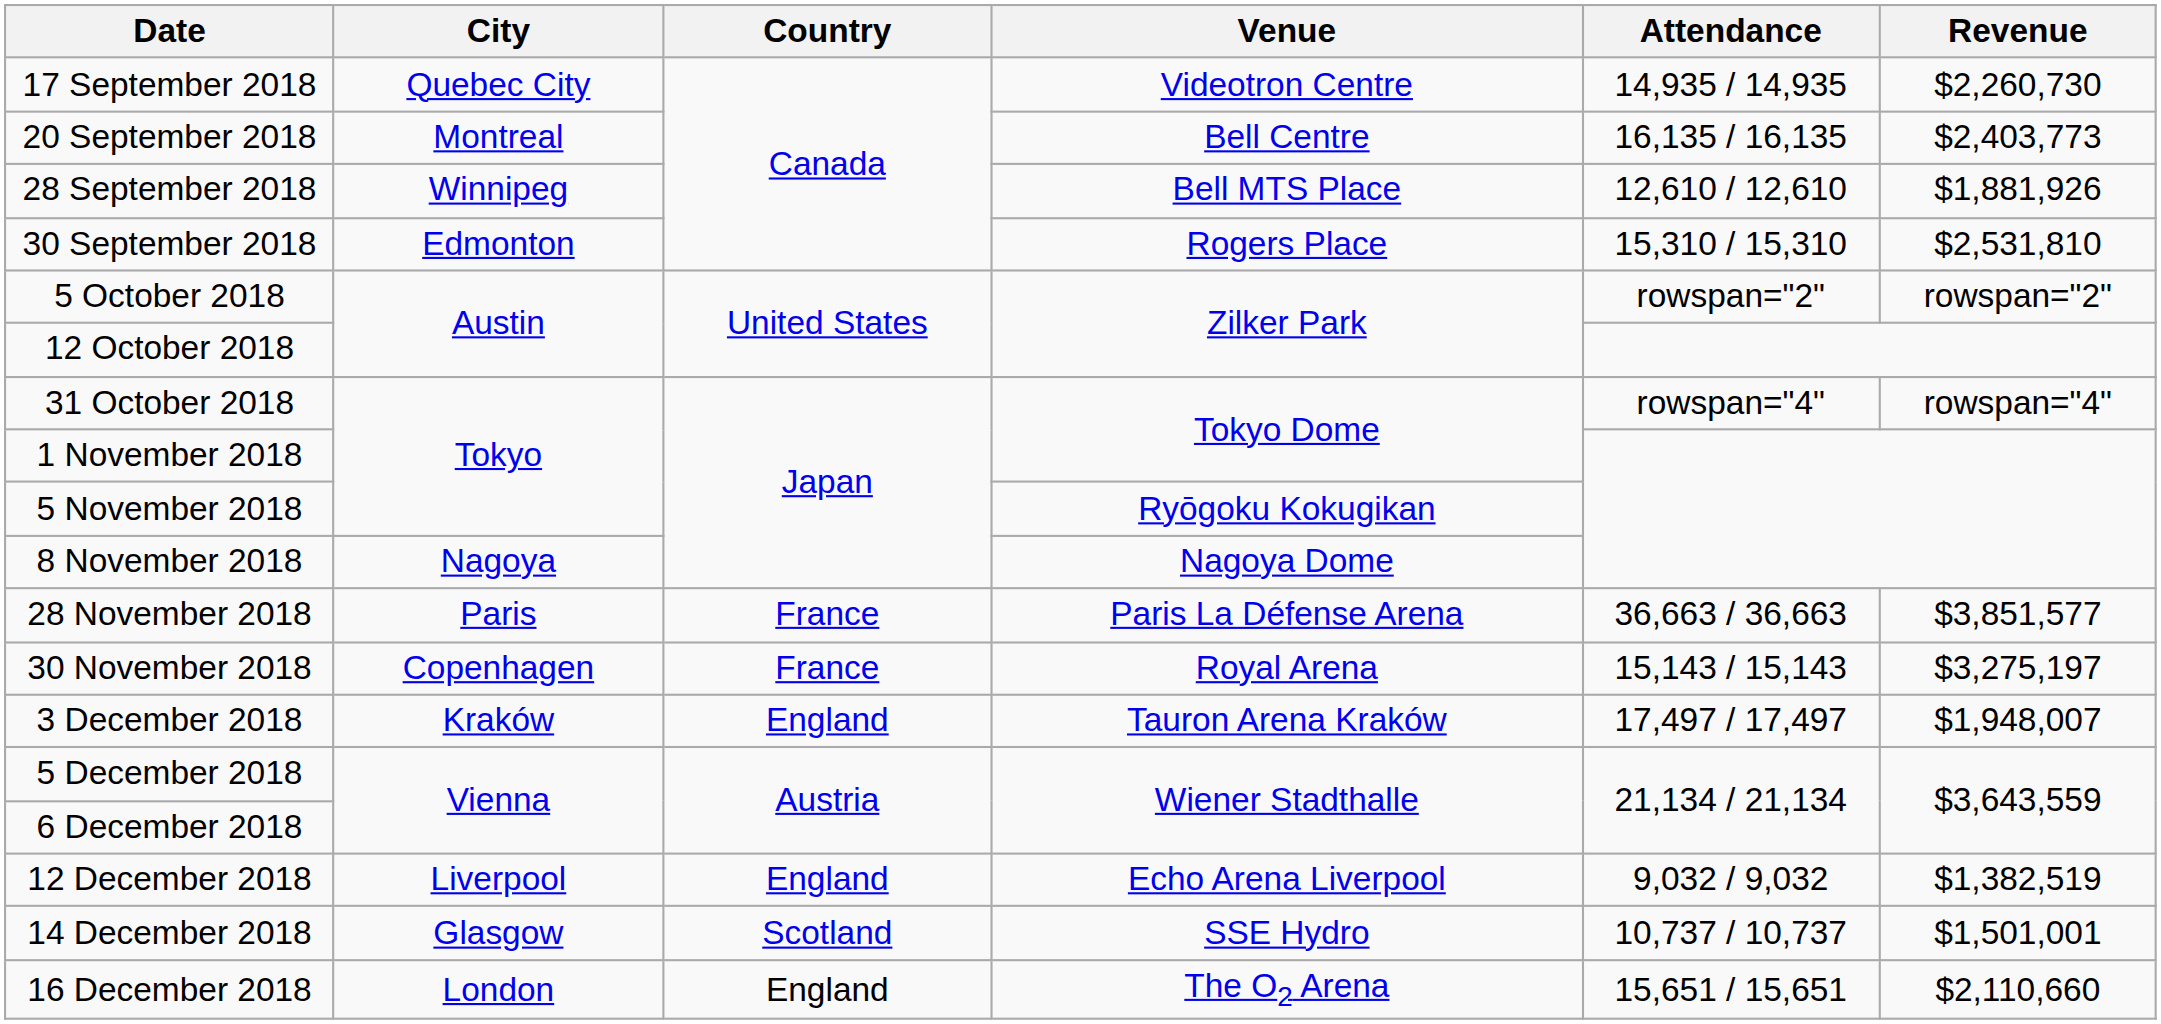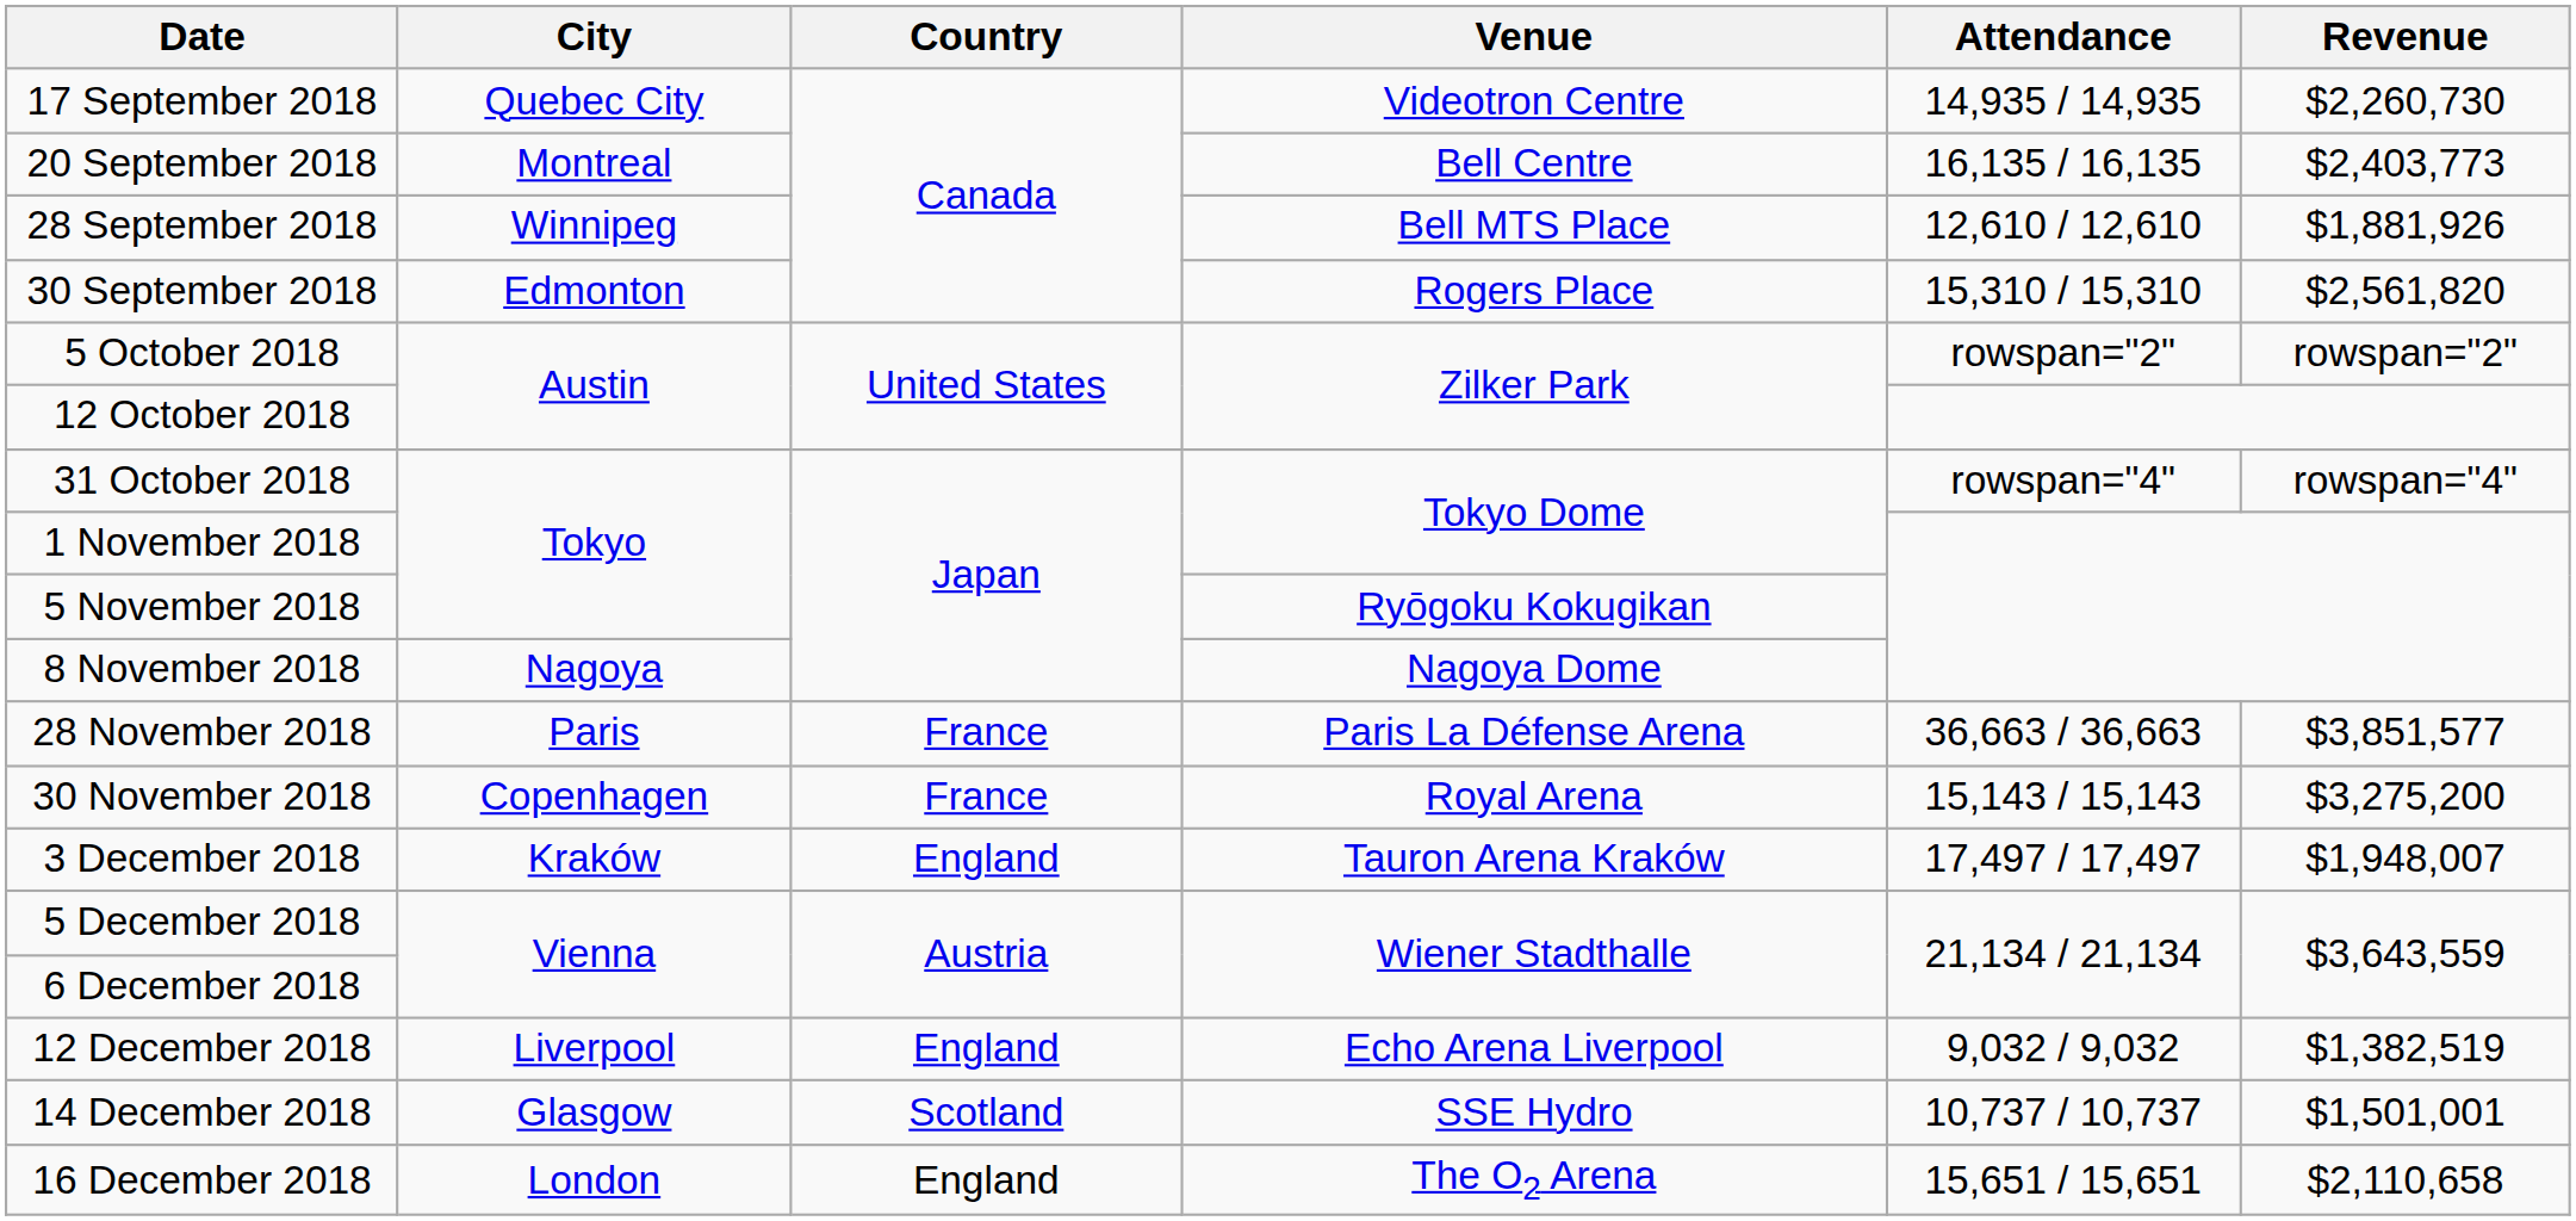 <table class="wikitable" style="text-align:center;">
 <tr>
 <th width="150">Date</th>
 <th width="150">City</th>
 <th width="150">Country</th>
 <th width="275">Venue</th>
 <th width="135">Attendance</th>
 <th width="125">Revenue</th>
 </tr>
 <tr>
 <td>17 September 2018</td>
 <td><a href='#'>Quebec City</a></td>
 <td rowspan="4"><a href='#'>Canada</a></td>
 <td><a href='#'>Videotron Centre</a></td>
 <td>14,935 / 14,935</td>
 <td>$2,260,730</td>
 </tr>
 <tr>
 <td>20 September 2018</td>
 <td><a href='#'>Montreal</a></td>
 <td><a href='#'>Bell Centre</a></td>
 <td>16,135 / 16,135</td>
 <td>$2,403,773</td>
 </tr>
 <tr>
 <td>28 September 2018</td>
 <td><a href='#'>Winnipeg</a></td>
 <td><a href='#'>Bell MTS Place</a></td>
 <td>12,610 / 12,610</td>
 <td>$1,881,926</td>
 </tr>
 <tr>
 <td>30 September 2018</td>
 <td><a href='#'>Edmonton</a></td>
 <td><a href='#'>Rogers Place</a></td>
 <td>15,310 / 15,310</td>
-<td>$2,531,810</td>
+<td>$2,561,820</td>
 </tr>
 <tr>
 <td>5 October 2018</td>
 <td rowspan="2"><a href='#'>Austin</a></td>
 <td rowspan="2"><a href='#'>United States</a></td>
 <td rowspan="2"><a href='#'>Zilker Park</a></td>
 <td>rowspan="2" </td>
 <td>rowspan="2" </td>
 </tr>
 <tr>
 <td>12 October 2018</td>
 </tr>
 <tr>
 <td>31 October 2018</td>
 <td rowspan="3"><a href='#'>Tokyo</a></td>
 <td rowspan="4"><a href='#'>Japan</a></td>
 <td rowspan="2"><a href='#'>Tokyo Dome</a></td>
 <td>rowspan="4" </td>
 <td>rowspan="4" </td>
 </tr>
 <tr>
 <td>1 November 2018</td>
 </tr>
 <tr>
 <td>5 November 2018</td>
 <td><a href='#'>Ryōgoku Kokugikan</a></td>
 </tr>
 <tr>
 <td>8 November 2018</td>
 <td><a href='#'>Nagoya</a></td>
 <td><a href='#'>Nagoya Dome</a></td>
 </tr>
 <tr>
 <td>28 November 2018</td>
 <td><a href='#'>Paris</a></td>
 <td><a href='#'>France</a></td>
 <td><a href='#'>Paris La Défense Arena</a></td>
 <td>36,663 / 36,663</td>
 <td>$3,851,577</td>
 </tr>
 <tr>
 <td>30 November 2018</td>
 <td><a href='#'>Copenhagen</a></td>
 <td><a href='#'>France</a></td>
 <td><a href='#'>Royal Arena</a></td>
 <td>15,143 / 15,143</td>
-<td>$3,275,197</td>
+<td>$3,275,200</td>
 </tr>
 <tr>
 <td>3 December 2018</td>
 <td><a href='#'>Kraków</a></td>
 <td><a href='#'>England</a></td>
 <td><a href='#'>Tauron Arena Kraków</a></td>
 <td>17,497 / 17,497</td>
 <td>$1,948,007</td>
 </tr>
 <tr>
 <td>5 December 2018</td>
 <td rowspan="2"><a href='#'>Vienna</a></td>
 <td rowspan="2"><a href='#'>Austria</a></td>
 <td rowspan="2"><a href='#'>Wiener Stadthalle</a></td>
 <td rowspan="2">21,134 / 21,134</td>
 <td rowspan="2">$3,643,559</td>
 </tr>
 <tr>
 <td>6 December 2018</td>
 </tr>
 <tr>
 <td>12 December 2018</td>
 <td><a href='#'>Liverpool</a></td>
 <td><a href='#'>England</a></td>
 <td><a href='#'>Echo Arena Liverpool</a></td>
 <td>9,032 / 9,032</td>
 <td>$1,382,519</td>
 </tr>
 <tr>
 <td>14 December 2018</td>
 <td><a href='#'>Glasgow</a></td>
 <td><a href='#'>Scotland</a></td>
 <td><a href='#'>SSE Hydro</a></td>
 <td>10,737 / 10,737</td>
 <td>$1,501,001</td>
 </tr>
 <tr>
 <td>16 December 2018</td>
 <td><a href='#'>London</a></td>
 <td>England</td>
 <td><a href='#'>The O<sub>2</sub> Arena</a></td>
 <td>15,651 / 15,651</td>
-<td>$2,110,660</td>
+<td>$2,110,658</td>
 </tr>
 </table>
